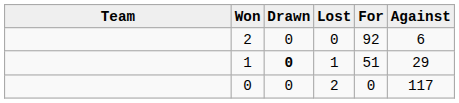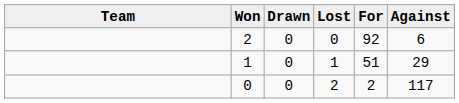 <table class="wikitable">
 <tr>
 <th style="background:#efefef; width:200px;">Team</th>
 <th style="background:#efefef; width:20px;">Won</th>
 <th style="background:#efefef; width:20px;">Drawn</th>
 <th style="background:#efefef; width:20px;">Lost</th>
 <th style="background:#efefef; width:20px;">For</th>
 <th style="background:#efefef; width:20px;">Against</th>
 </tr>
 <tr align="center">
 <td align="left"></td>
 <td>2</td>
 <td>0</td>
 <td>0</td>
 <td>92</td>
 <td>6</td>
 </tr>
 <tr align="center">
 <td align="left"></td>
 <td>1</td>
-<td><strong>0</strong></td>
+<td>0</td>
 <td>1</td>
 <td>51</td>
 <td>29</td>
 </tr>
 <tr align="center">
 <td align="left"></td>
 <td>0</td>
 <td>0</td>
 <td>2</td>
-<td>0</td>
+<td>2</td>
 <td>117</td>
 </tr>
 </table>
